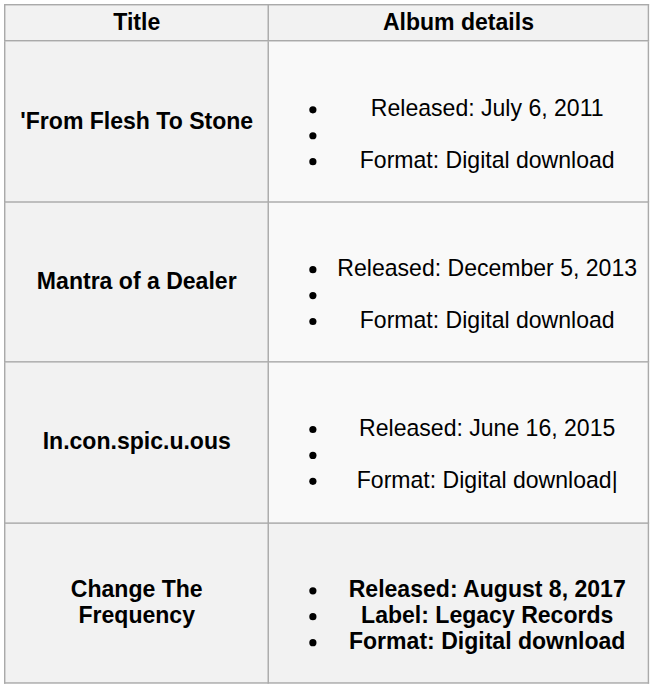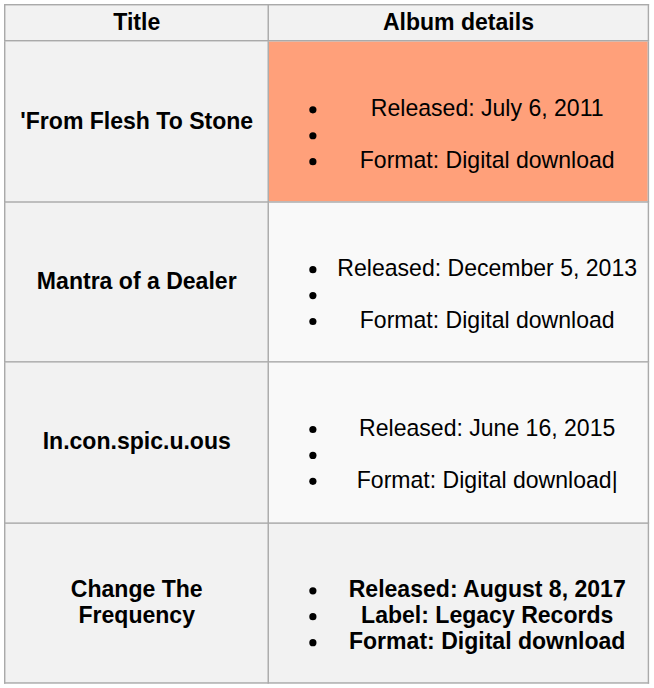 <table class="wikitable sortable plainrowheaders" style="text-align:center;">
 <tr>
 <th scope="col" style="width:11em;">Title</th>
 <th scope="col" style="width:16em;">Album details</th>
 </tr>
 <tr>
 <th scope="row">'From Flesh To Stone<em></th>
-<td><br><ul><li>Released: July 6, 2011</li><li></li><li>Format: Digital download</li></ul></td>
+<td style="background: lightsalmon;"><br><ul><li>Released: July 6, 2011</li><li></li><li>Format: Digital download</li></ul></td>
 </tr>
 <tr>
 <th scope="row"></em>Mantra of a Dealer<em></th>
 <td><br><ul><li>Released: December 5, 2013</li><li></li><li>Format: Digital download</li></ul></td>
 </tr>
 <tr>
 <th scope="row"></em>In.con.spic.u.ous<em></th>
 <td><br><ul><li>Released: June 16, 2015</li><li></li><li>Format: Digital download|</li></ul></td>
 </tr>
 <tr>
 <th></em>Change The Frequency<em></th>
 <th><br><ul><li>Released: August 8, 2017</li><li>Label: Legacy Records</li><li>Format: Digital download</li></ul></th>
 </tr>
 </table>
